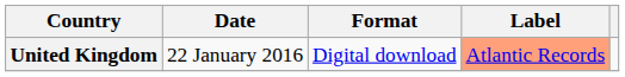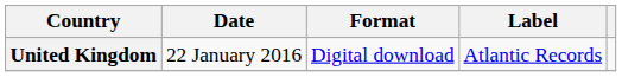 <table class="wikitable sortable plainrowheaders">
 <tr>
 <th scope="col">Country</th>
 <th scope="col">Date</th>
 <th scope="col">Format</th>
 <th scope="col">Label</th>
 <th scope="col"></th>
 </tr>
 <tr>
 <th scope="row">United Kingdom</th>
 <td>22 January 2016</td>
 <td><a href='#'>Digital download</a></td>
-<td rowspan="1" style="background: lightsalmon;"><a href='#'>Atlantic Records</a></td>
+<td rowspan="1"><a href='#'>Atlantic Records</a></td>
 <td></td>
 </tr>
 <tr>
 </tr>
 </table>
